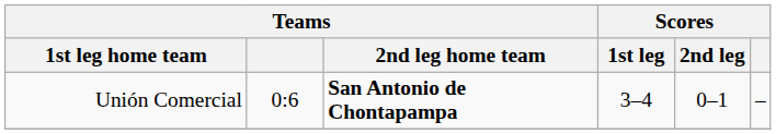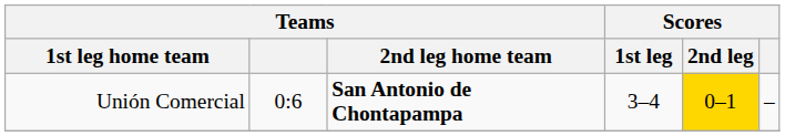 <table class="wikitable" style="text-align: center;">
 <tr>
 <th colspan=3>Teams</th>
 <th colspan=3>Scores</th>
 </tr>
 <tr>
 <th width="175">1st leg home team</th>
 <th width="50"></th>
 <th width="200">2nd leg home team</th>
 <th width="50">1st leg</th>
 <th width="50">2nd leg</th>
 <th></th>
 </tr>
 <tr>
 <td align=right>Unión Comercial</td>
 <td>0:6</td>
 <td align=left><strong>San Antonio de Chontapampa</strong></td>
 <td>3–4</td>
-<td>0–1</td>
+<td style="background: gold;">0–1</td>
 <td>–</td>
 </tr>
 <tr>
 </tr>
 </table>
